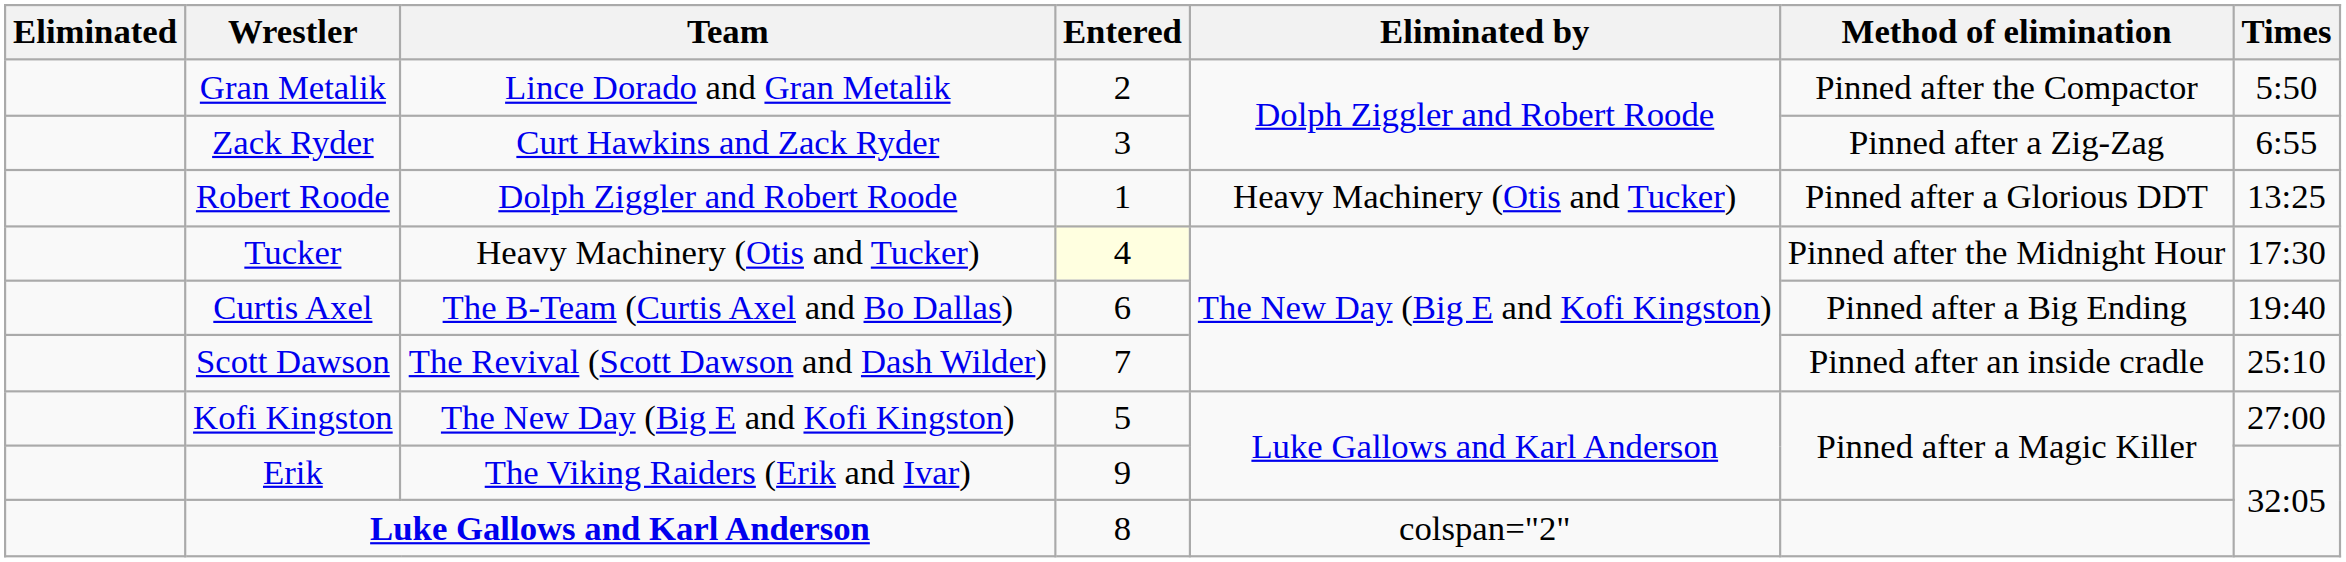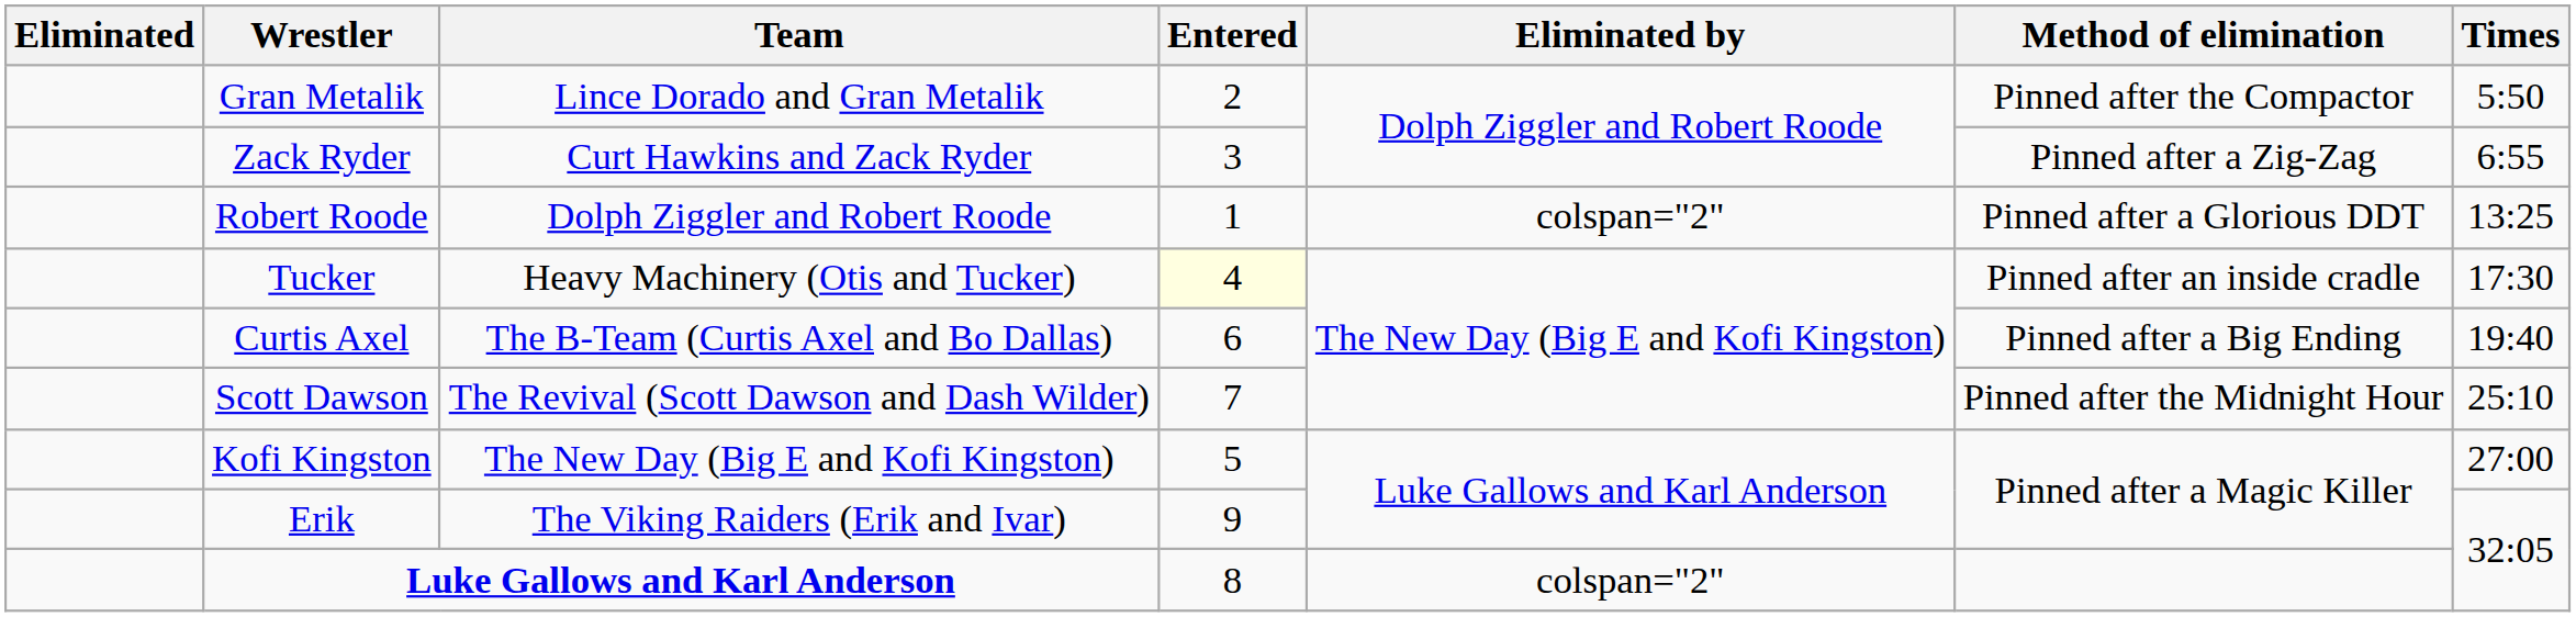 <table class="wikitable sortable" style="text-align:center;">
 <tr>
 <th>Eliminated</th>
 <th>Wrestler</th>
 <th>Team</th>
 <th>Entered</th>
 <th>Eliminated by</th>
 <th>Method of elimination</th>
 <th>Times</th>
 </tr>
 <tr>
 <td></td>
 <td><a href='#'>Gran Metalik</a></td>
 <td><a href='#'>Lince Dorado</a> and <a href='#'>Gran Metalik</a></td>
 <td>2</td>
 <td rowspan=2><a href='#'>Dolph Ziggler and Robert Roode</a></td>
 <td>Pinned after the Compactor</td>
 <td>5:50</td>
 </tr>
 <tr>
 <td></td>
 <td><a href='#'>Zack Ryder</a></td>
 <td><a href='#'>Curt Hawkins and Zack Ryder</a></td>
 <td>3</td>
 <td>Pinned after a Zig-Zag</td>
 <td>6:55</td>
 </tr>
 <tr>
 <td></td>
 <td><a href='#'>Robert Roode</a></td>
 <td><a href='#'>Dolph Ziggler and Robert Roode</a></td>
 <td>1</td>
-<td>Heavy Machinery (<a href='#'>Otis</a> and <a href='#'>Tucker</a>)</td>
+<td>colspan="2" </td>
 <td>Pinned after a Glorious DDT</td>
 <td>13:25</td>
 </tr>
 <tr>
 <td></td>
 <td><a href='#'>Tucker</a></td>
 <td>Heavy Machinery (<a href='#'>Otis</a> and <a href='#'>Tucker</a>)</td>
 <td style="background: lightyellow;">4</td>
 <td rowspan=3><a href='#'>The New Day</a> (<a href='#'>Big E</a> and <a href='#'>Kofi Kingston</a>)</td>
-<td>Pinned after the Midnight Hour</td>
+<td>Pinned after an inside cradle</td>
 <td>17:30</td>
 </tr>
 <tr>
 <td></td>
 <td><a href='#'>Curtis Axel</a></td>
 <td><a href='#'>The B-Team</a> (<a href='#'>Curtis Axel</a> and <a href='#'>Bo Dallas</a>)</td>
 <td>6</td>
 <td>Pinned after a Big Ending</td>
 <td>19:40</td>
 </tr>
 <tr>
 <td></td>
 <td><a href='#'>Scott Dawson</a></td>
 <td><a href='#'>The Revival</a> (<a href='#'>Scott Dawson</a> and <a href='#'>Dash Wilder</a>)</td>
 <td>7</td>
-<td>Pinned after an inside cradle</td>
+<td>Pinned after the Midnight Hour</td>
 <td>25:10</td>
 </tr>
 <tr>
 <td></td>
 <td><a href='#'>Kofi Kingston</a></td>
 <td><a href='#'>The New Day</a> (<a href='#'>Big E</a> and <a href='#'>Kofi Kingston</a>)</td>
 <td>5</td>
 <td rowspan=2><a href='#'>Luke Gallows and Karl Anderson</a></td>
 <td rowspan=2>Pinned after a Magic Killer</td>
 <td>27:00</td>
 </tr>
 <tr>
 <td></td>
 <td><a href='#'>Erik</a></td>
 <td><a href='#'>The Viking Raiders</a> (<a href='#'>Erik</a> and <a href='#'>Ivar</a>)</td>
 <td>9</td>
 <td rowspan=2>32:05</td>
 </tr>
 <tr>
 <td><strong></strong></td>
 <td colspan="2"><strong><a href='#'>Luke Gallows and Karl Anderson</a></strong></td>
 <td>8</td>
 <td>colspan="2" </td>
 </tr>
 </table>
